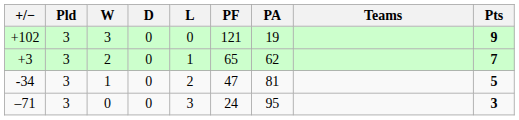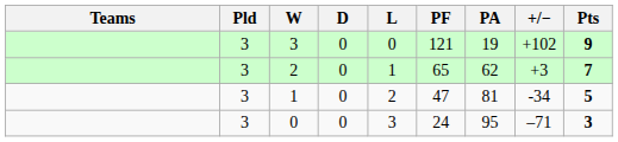 <table class="wikitable" style="text-align: center;">
 <tr>
-<th width="40">+/−</th>
+<th width="200">Teams</th>
 <th width="40">Pld</th>
 <th width="40">W</th>
 <th width="40">D</th>
 <th width="40">L</th>
 <th width="40">PF</th>
 <th width="40">PA</th>
-<th width="200">Teams</th>
+<th width="40">+/−</th>
 <th width="40">Pts</th>
 </tr>
 <tr bgcolor=ccffcc>
-<td>+102</td>
+<td align=left></td>
 <td>3</td>
 <td>3</td>
 <td>0</td>
 <td>0</td>
 <td>121</td>
 <td>19</td>
-<td align=left></td>
+<td>+102</td>
 <td><strong>9</strong></td>
 </tr>
 <tr bgcolor=ccffcc>
-<td>+3</td>
+<td align=left></td>
 <td>3</td>
 <td>2</td>
 <td>0</td>
 <td>1</td>
 <td>65</td>
 <td>62</td>
-<td align=left></td>
+<td>+3</td>
 <td><strong>7</strong></td>
 </tr>
 <tr>
-<td>-34</td>
+<td align=left></td>
 <td>3</td>
 <td>1</td>
 <td>0</td>
 <td>2</td>
 <td>47</td>
 <td>81</td>
-<td align=left></td>
+<td>-34</td>
 <td><strong>5</strong></td>
 </tr>
 <tr>
-<td>–71</td>
+<td align=left></td>
 <td>3</td>
 <td>0</td>
 <td>0</td>
 <td>3</td>
 <td>24</td>
 <td>95</td>
-<td align=left></td>
+<td>–71</td>
 <td><strong>3</strong></td>
 </tr>
 </table>
